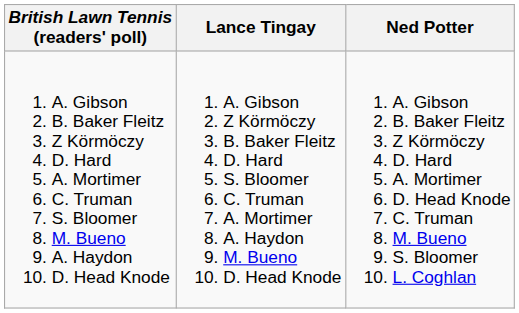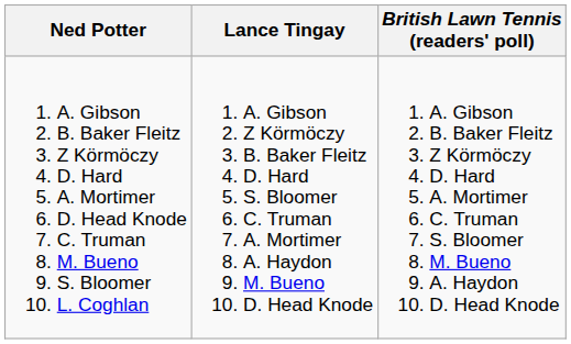 <table class="wikitable">
 <tr>
+<th>Ned Potter</th>
+<th>Lance Tingay<strong></strong></th>
 <th><em>British Lawn Tennis</em><br>(readers' poll)</th>
-<th>Lance Tingay<strong></strong></th>
-<th>Ned Potter</th>
 </tr>
 <tr style="vertical-align: top;">
+<td style="white-space: nowrap;"><br><ol><li> A. Gibson</li><li> B. Baker Fleitz</li><li> Z Körmöczy</li><li> D. Hard</li><li> A. Mortimer</li><li> D. Head Knode</li><li> C. Truman</li><li> <a href='#'>M. Bueno</a></li><li> S. Bloomer</li><li> <a href='#'>L. Coghlan</a></li></ol></td>
+<td style="white-space: nowrap;"><br><ol><li> A. Gibson</li><li> Z Körmöczy</li><li> B. Baker Fleitz</li><li> D. Hard</li><li> S. Bloomer</li><li> C. Truman</li><li> A. Mortimer</li><li> A. Haydon</li><li> <a href='#'>M. Bueno</a></li><li> D. Head Knode</li></ol></td>
 <td style="white-space: nowrap;"><br><ol><li> A. Gibson</li><li> B. Baker Fleitz</li><li> Z Körmöczy</li><li> D. Hard</li><li> A. Mortimer</li><li> C. Truman</li><li> S. Bloomer</li><li> <a href='#'>M. Bueno</a></li><li> A. Haydon</li><li> D. Head Knode</li></ol></td>
-<td style="white-space: nowrap;"><br><ol><li> A. Gibson</li><li> Z Körmöczy</li><li> B. Baker Fleitz</li><li> D. Hard</li><li> S. Bloomer</li><li> C. Truman</li><li> A. Mortimer</li><li> A. Haydon</li><li> <a href='#'>M. Bueno</a></li><li> D. Head Knode</li></ol></td>
-<td style="white-space: nowrap;"><br><ol><li> A. Gibson</li><li> B. Baker Fleitz</li><li> Z Körmöczy</li><li> D. Hard</li><li> A. Mortimer</li><li> D. Head Knode</li><li> C. Truman</li><li> <a href='#'>M. Bueno</a></li><li> S. Bloomer</li><li> <a href='#'>L. Coghlan</a></li></ol></td>
 </tr>
 </table>
